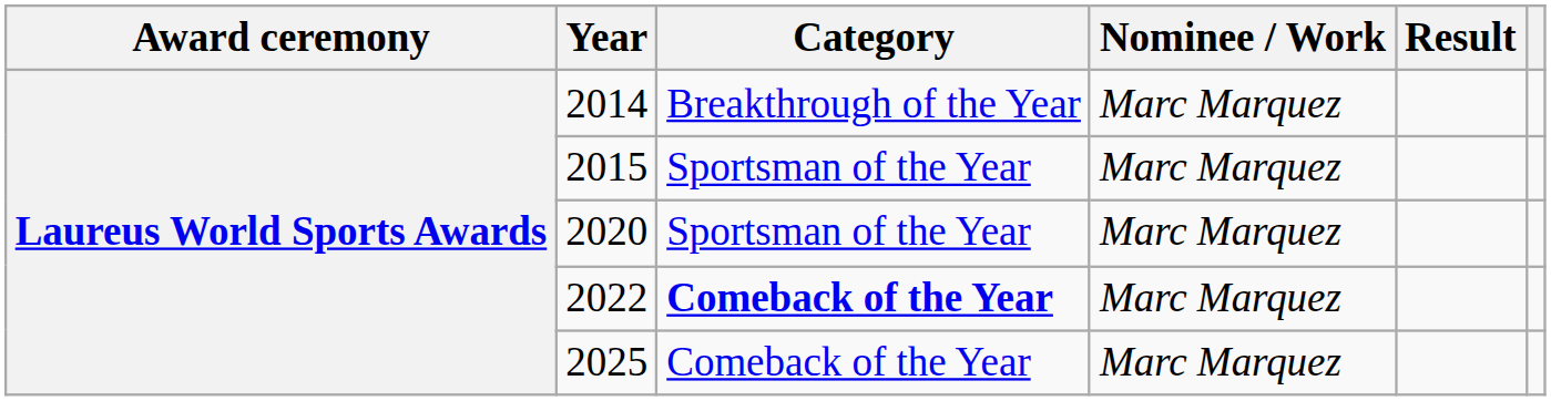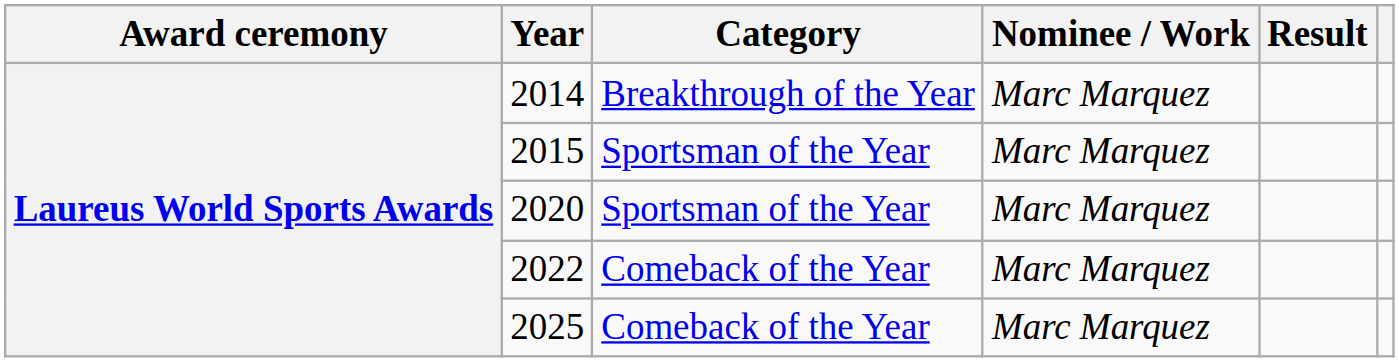 <table class="wikitable plainrowheaders sortable">
 <tr>
 <th scope="col">Award ceremony</th>
 <th scope="col">Year</th>
 <th scope="col">Category</th>
 <th scope="col">Nominee / Work</th>
 <th scope="col">Result</th>
 <th scope="col" class="unsortable"></th>
 </tr>
 <tr>
 <th scope="row" rowspan="5"><a href='#'>Laureus World Sports Awards</a></th>
 <td style="text-align:center">2014</td>
 <td><a href='#'>Breakthrough of the Year</a></td>
 <td><em>Marc Marquez</em></td>
 <td></td>
 <td style="text-align:center"></td>
 </tr>
 <tr>
 <td style="text-align:center">2015</td>
 <td><a href='#'>Sportsman of the Year</a></td>
 <td><em>Marc Marquez</em></td>
 <td></td>
 <td style="text-align:center"></td>
 </tr>
 <tr>
 <td style="text-align:center">2020</td>
 <td><a href='#'>Sportsman of the Year</a></td>
 <td><em>Marc Marquez</em></td>
 <td></td>
 <td style="text-align:center"></td>
 </tr>
 <tr>
 <td style="text-align:center">2022</td>
-<td><strong><a href='#'>Comeback of the Year</a></strong></td>
+<td><a href='#'>Comeback of the Year</a></td>
 <td><em>Marc Marquez</em></td>
 <td></td>
 <td style="text-align:center"></td>
 </tr>
 <tr>
 <td style="text-align:center">2025</td>
 <td><a href='#'>Comeback of the Year</a></td>
 <td><em>Marc Marquez</em></td>
 <td></td>
 <td style="text-align:center"></td>
 </tr>
 </table>
